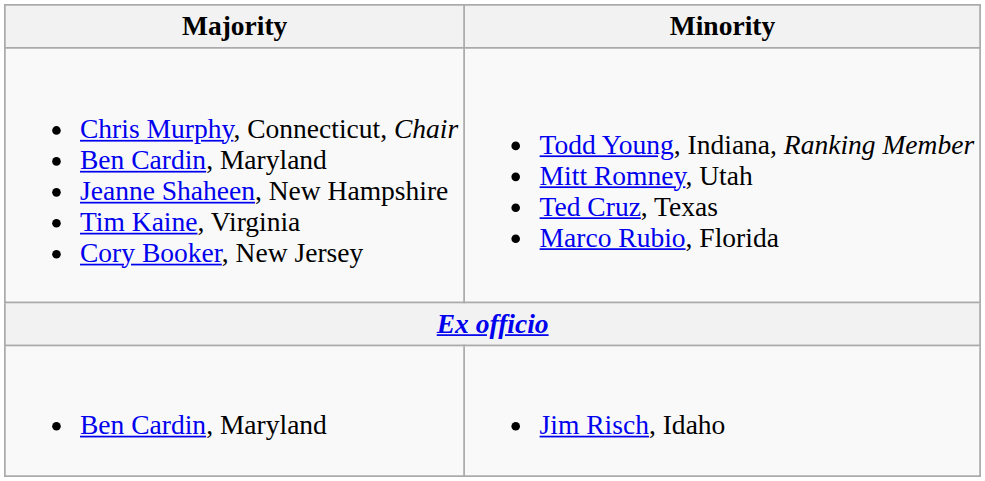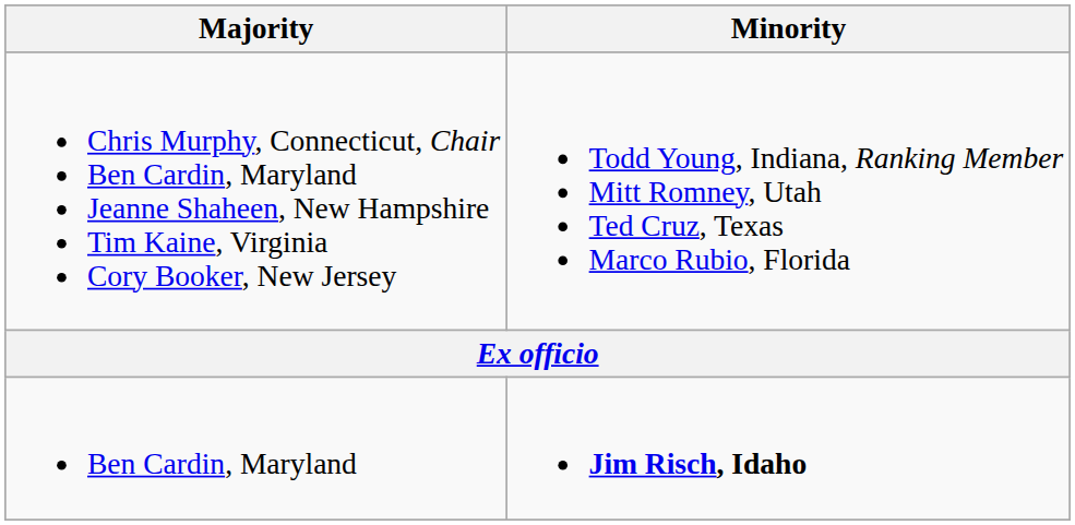 <table class=wikitable>
 <tr>
 <th>Majority</th>
 <th>Minority</th>
 </tr>
 <tr>
 <td><br><ul><li><a href='#'>Chris Murphy</a>, Connecticut, <em>Chair</em></li><li><a href='#'>Ben Cardin</a>, Maryland</li><li><a href='#'>Jeanne Shaheen</a>, New Hampshire</li><li><a href='#'>Tim Kaine</a>, Virginia</li><li><a href='#'>Cory Booker</a>, New Jersey</li></ul></td>
 <td><br><ul><li><a href='#'>Todd Young</a>, Indiana, <em>Ranking Member</em></li><li><a href='#'>Mitt Romney</a>, Utah</li><li><a href='#'>Ted Cruz</a>, Texas</li><li><a href='#'>Marco Rubio</a>, Florida</li></ul></td>
 </tr>
 <tr>
 <th colspan=2><em><a href='#'>Ex officio</a></em></th>
 </tr>
 <tr>
 <td><br><ul><li><a href='#'>Ben Cardin</a>, Maryland</li></ul></td>
-<td><br><ul><li><a href='#'>Jim Risch</a>, Idaho</li></ul></td>
+<td><strong><br><ul><li><a href='#'>Jim Risch</a>, Idaho</li></ul></strong></td>
 </tr>
 </table>
